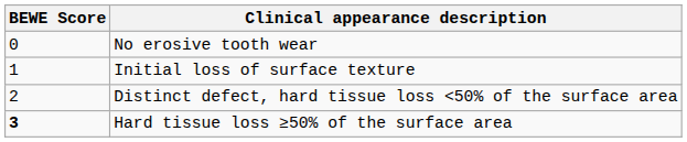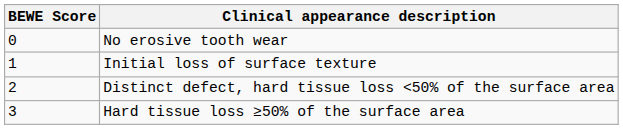 <table class="wikitable">
 <tr>
 <th>BEWE Score</th>
 <th>Clinical appearance description</th>
 </tr>
 <tr>
 <td>0</td>
 <td>No erosive tooth wear</td>
 </tr>
 <tr>
 <td>1</td>
 <td>Initial loss of surface texture</td>
 </tr>
 <tr>
 <td>2</td>
 <td>Distinct defect, hard tissue loss <50% of the surface area</td>
 </tr>
 <tr>
-<td><strong>3</strong></td>
+<td>3</td>
 <td>Hard tissue loss ≥50% of the surface area</td>
 </tr>
 </table>
